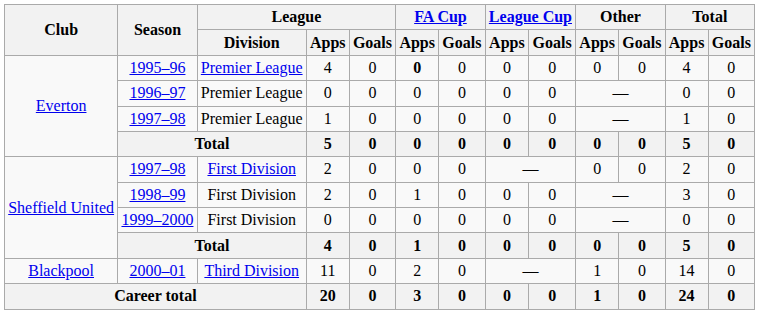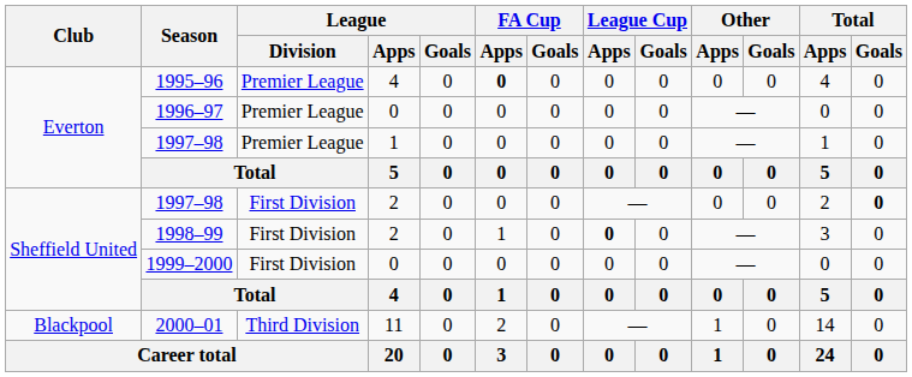 <table class=wikitable style=text-align:center>
 <tr>
 <th rowspan=2>Club</th>
 <th rowspan=2>Season</th>
 <th colspan=3>League</th>
 <th colspan=2><a href='#'>FA Cup</a></th>
 <th colspan=2><a href='#'>League Cup</a></th>
 <th colspan=2>Other</th>
 <th colspan=2>Total</th>
 </tr>
 <tr>
 <th>Division</th>
 <th>Apps</th>
 <th>Goals</th>
 <th>Apps</th>
 <th>Goals</th>
 <th>Apps</th>
 <th>Goals</th>
 <th>Apps</th>
 <th>Goals</th>
 <th>Apps</th>
 <th>Goals</th>
 </tr>
 <tr>
 <td rowspan="4"><a href='#'>Everton</a></td>
 <td><a href='#'>1995–96</a></td>
 <td><a href='#'>Premier League</a></td>
 <td>4</td>
 <td>0</td>
 <td><strong>0</strong></td>
 <td>0</td>
 <td>0</td>
 <td>0</td>
 <td>0</td>
 <td>0</td>
 <td>4</td>
 <td>0</td>
 </tr>
 <tr>
 <td><a href='#'>1996–97</a></td>
 <td>Premier League</td>
 <td>0</td>
 <td>0</td>
 <td>0</td>
 <td>0</td>
 <td>0</td>
 <td>0</td>
 <td colspan="2">—</td>
 <td>0</td>
 <td>0</td>
 </tr>
 <tr>
 <td><a href='#'>1997–98</a></td>
 <td>Premier League</td>
 <td>1</td>
 <td>0</td>
 <td>0</td>
 <td>0</td>
 <td>0</td>
 <td>0</td>
 <td colspan="2">—</td>
 <td>1</td>
 <td>0</td>
 </tr>
 <tr>
 <th colspan="2">Total</th>
 <th>5</th>
 <th>0</th>
 <th>0</th>
 <th>0</th>
 <th>0</th>
 <th>0</th>
 <th>0</th>
 <th>0</th>
 <th>5</th>
 <th>0</th>
 </tr>
 <tr>
 <td rowspan="4"><a href='#'>Sheffield United</a></td>
 <td><a href='#'>1997–98</a></td>
 <td><a href='#'>First Division</a></td>
 <td>2</td>
 <td>0</td>
 <td>0</td>
 <td>0</td>
 <td colspan="2">—</td>
 <td>0</td>
 <td>0</td>
 <td>2</td>
-<td>0</td>
+<td><strong>0</strong></td>
 </tr>
 <tr>
 <td><a href='#'>1998–99</a></td>
 <td>First Division</td>
 <td>2</td>
 <td>0</td>
 <td>1</td>
 <td>0</td>
-<td>0</td>
+<td><strong>0</strong></td>
 <td>0</td>
 <td colspan="2">—</td>
 <td>3</td>
 <td>0</td>
 </tr>
 <tr>
 <td><a href='#'>1999–2000</a></td>
 <td>First Division</td>
 <td>0</td>
 <td>0</td>
 <td>0</td>
 <td>0</td>
 <td>0</td>
 <td>0</td>
 <td colspan="2">—</td>
 <td>0</td>
 <td>0</td>
 </tr>
 <tr>
 <th colspan="2">Total</th>
 <th>4</th>
 <th>0</th>
 <th>1</th>
 <th>0</th>
 <th>0</th>
 <th>0</th>
 <th>0</th>
 <th>0</th>
 <th>5</th>
 <th>0</th>
 </tr>
 <tr>
 <td><a href='#'>Blackpool</a></td>
 <td><a href='#'>2000–01</a></td>
 <td><a href='#'>Third Division</a></td>
 <td>11</td>
 <td>0</td>
 <td>2</td>
 <td>0</td>
 <td colspan=2>—</td>
 <td>1</td>
 <td>0</td>
 <td>14</td>
 <td>0</td>
 </tr>
 <tr>
 <th colspan=3>Career total</th>
 <th>20</th>
 <th>0</th>
 <th>3</th>
 <th>0</th>
 <th>0</th>
 <th>0</th>
 <th>1</th>
 <th>0</th>
 <th>24</th>
 <th>0</th>
 </tr>
 </table>
